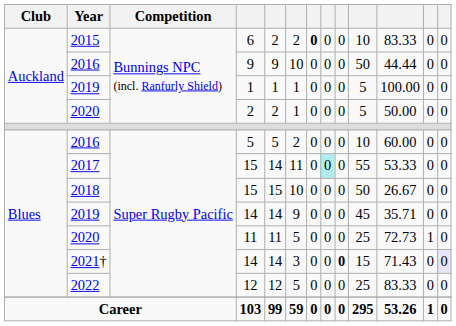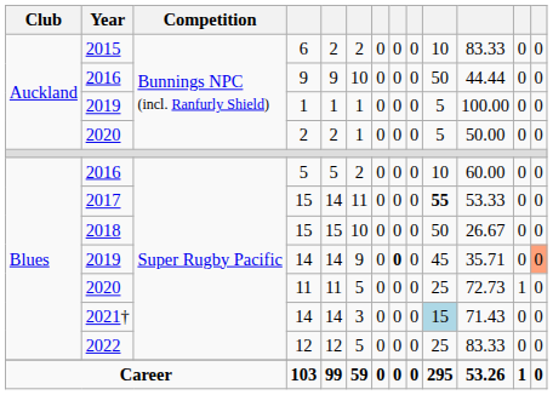 <table class="wikitable sortable" style="text-align:center; font-size:95%">
 <tr>
 <th>Club</th>
 <th>Year</th>
 <th>Competition</th>
 <th></th>
 <th></th>
 <th></th>
 <th></th>
 <th></th>
 <th></th>
 <th></th>
 <th></th>
 <th></th>
 <th></th>
 </tr>
 <tr>
 <td rowspan=4 style="text-align:left;"><a href='#'>Auckland</a></td>
 <td style="text-align:left;"><a href='#'>2015</a></td>
 <td rowspan=4 style="text-align:left;"><a href='#'>Bunnings NPC</a><br><small>(incl. <a href='#'>Ranfurly Shield</a>)</small></td>
 <td>6</td>
 <td>2</td>
 <td>2</td>
-<td><strong>0</strong></td>
+<td>0</td>
 <td>0</td>
 <td>0</td>
 <td>10</td>
 <td>83.33</td>
 <td>0</td>
 <td>0</td>
 </tr>
 <tr>
 <td style="text-align:left;"><a href='#'>2016</a></td>
 <td>9</td>
 <td>9</td>
 <td>10</td>
 <td>0</td>
 <td>0</td>
 <td>0</td>
 <td>50</td>
 <td>44.44</td>
 <td>0</td>
 <td>0</td>
 </tr>
 <tr>
 <td style="text-align:left;"><a href='#'>2019</a></td>
 <td>1</td>
 <td>1</td>
 <td>1</td>
 <td>0</td>
 <td>0</td>
 <td>0</td>
 <td>5</td>
 <td>100.00</td>
 <td>0</td>
 <td>0</td>
 </tr>
 <tr>
 <td style="text-align:left;"><a href='#'>2020</a></td>
 <td>2</td>
 <td>2</td>
 <td>1</td>
 <td>0</td>
 <td>0</td>
 <td>0</td>
 <td>5</td>
 <td>50.00</td>
 <td>0</td>
 <td>0</td>
 </tr>
 <tr>
 <td colspan=13 style="background-color: #DDDDDD"></td>
 </tr>
 <tr>
 <td rowspan=7 style="text-align:left;"><a href='#'>Blues</a></td>
 <td style="text-align:left;"><a href='#'>2016</a></td>
 <td rowspan=7 style="text-align:left;"><a href='#'>Super Rugby Pacific</a></td>
 <td>5</td>
 <td>5</td>
 <td>2</td>
 <td>0</td>
 <td>0</td>
 <td>0</td>
 <td>10</td>
 <td>60.00</td>
 <td>0</td>
 <td>0</td>
 </tr>
 <tr>
 <td style="text-align:left;"><a href='#'>2017</a></td>
 <td>15</td>
 <td>14</td>
 <td>11</td>
 <td>0</td>
-<td style="background: paleturquoise;">0</td>
 <td>0</td>
-<td>55</td>
+<td>0</td>
+<td><strong>55</strong></td>
 <td>53.33</td>
 <td>0</td>
 <td>0</td>
 </tr>
 <tr>
 <td style="text-align:left;"><a href='#'>2018</a></td>
 <td>15</td>
 <td>15</td>
 <td>10</td>
 <td>0</td>
 <td>0</td>
 <td>0</td>
 <td>50</td>
 <td>26.67</td>
 <td>0</td>
 <td>0</td>
 </tr>
 <tr>
 <td style="text-align:left;"><a href='#'>2019</a></td>
 <td>14</td>
 <td>14</td>
 <td>9</td>
 <td>0</td>
-<td>0</td>
+<td><strong>0</strong></td>
 <td>0</td>
 <td>45</td>
 <td>35.71</td>
 <td>0</td>
-<td>0</td>
+<td style="background: lightsalmon;">0</td>
 </tr>
 <tr>
 <td style="text-align:left;"><a href='#'>2020</a></td>
 <td>11</td>
 <td>11</td>
 <td>5</td>
 <td>0</td>
 <td>0</td>
 <td>0</td>
 <td>25</td>
 <td>72.73</td>
 <td>1</td>
 <td>0</td>
 </tr>
 <tr>
 <td style="text-align:left;"><a href='#'>2021</a>†</td>
 <td>14</td>
 <td>14</td>
 <td>3</td>
 <td>0</td>
 <td>0</td>
-<td><strong>0</strong></td>
-<td>15</td>
+<td>0</td>
+<td style="background: lightblue;">15</td>
 <td>71.43</td>
 <td>0</td>
-<td style="background: lavender;">0</td>
+<td>0</td>
 </tr>
 <tr>
 <td style="text-align:left;"><a href='#'>2022</a></td>
 <td>12</td>
 <td>12</td>
 <td>5</td>
 <td>0</td>
 <td>0</td>
 <td>0</td>
 <td>25</td>
 <td>83.33</td>
 <td>0</td>
 <td>0</td>
 </tr>
 <tr>
 </tr>
 <tr class="sortbottom" valign="top">
 <td colspan=3 style="text-align: center"><strong>Career</strong></td>
 <td><strong>103</strong></td>
 <td><strong>99</strong></td>
 <td><strong>59</strong></td>
 <td><strong>0</strong></td>
 <td><strong>0</strong></td>
 <td><strong>0</strong></td>
 <td><strong>295</strong></td>
 <td><strong>53.26</strong></td>
 <td><strong>1</strong></td>
 <td><strong>0</strong></td>
 </tr>
 </table>
